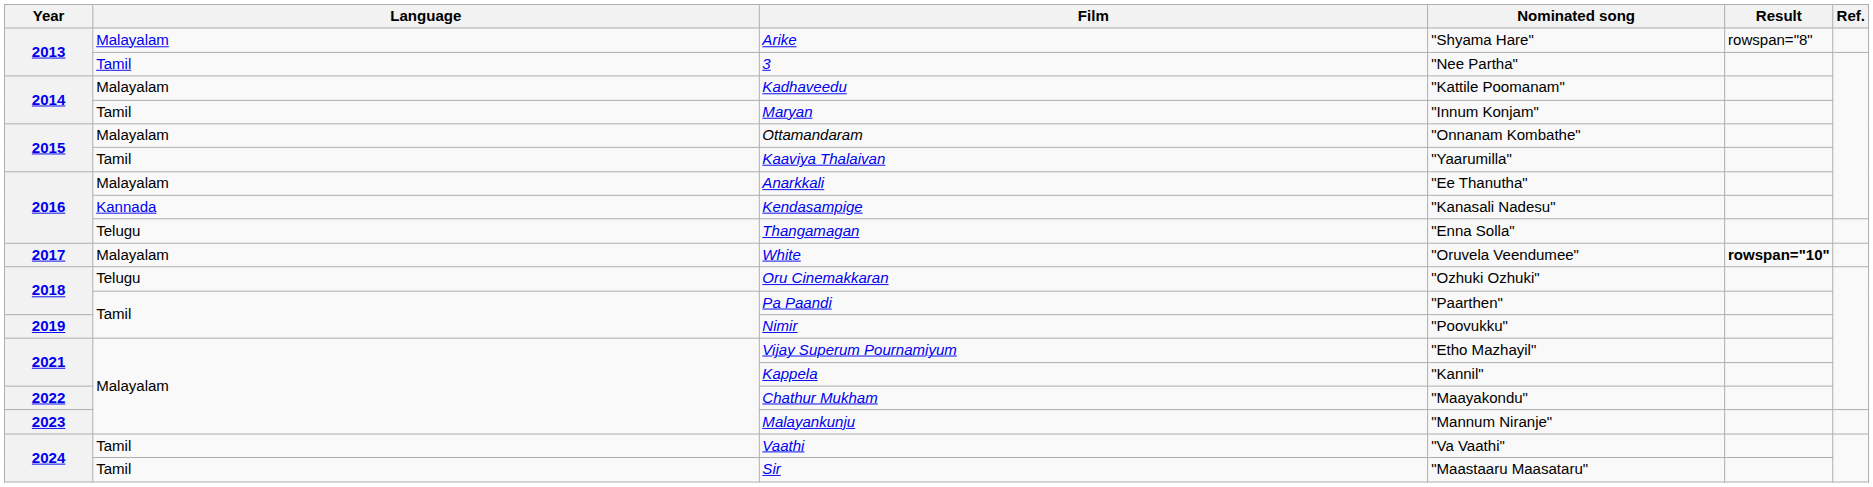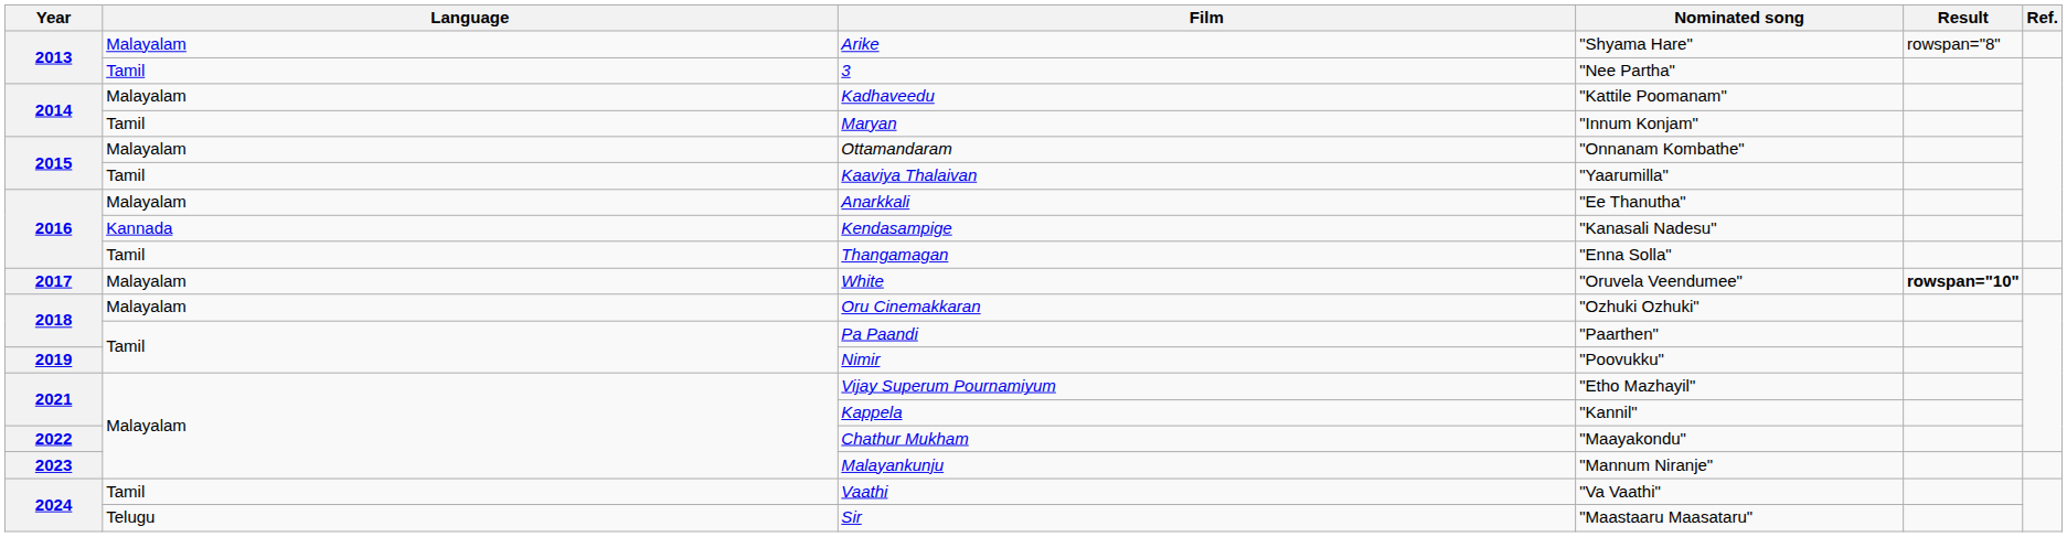 <table class="wikitable plainrowheaders" width="100%" textcolor:#000;">
 <tr>
 <th scope="col" width=5%><strong>Year</strong></th>
 <th scope="col" width=39%><strong>Language</strong></th>
 <th scope="col" width=39%><strong>Film</strong></th>
 <th scope="col" width=39%><strong>Nominated song</strong></th>
 <th scope="col" width=15%><strong>Result</strong></th>
 <th scope="col" width=2%><strong>Ref.</strong></th>
 </tr>
 <tr>
 <th scope="row" rowspan="2"><a href='#'>2013</a></th>
 <td><a href='#'>Malayalam</a></td>
 <td><em><a href='#'>Arike</a></em></td>
 <td>"Shyama Hare"</td>
 <td>rowspan="8" </td>
 <td></td>
 </tr>
 <tr>
 <td><a href='#'>Tamil</a></td>
 <td><em><a href='#'>3</a></em></td>
 <td>"Nee Partha"</td>
 <td></td>
 </tr>
 <tr>
 <th scope="row" rowspan="2"><a href='#'>2014</a></th>
 <td>Malayalam</td>
 <td><em><a href='#'>Kadhaveedu</a></em></td>
 <td>"Kattile Poomanam"</td>
 <td></td>
 </tr>
 <tr>
 <td>Tamil</td>
 <td><em><a href='#'>Maryan</a></em></td>
 <td>"Innum Konjam"</td>
 <td></td>
 </tr>
 <tr>
 <th scope="row" rowspan="2"><a href='#'>2015</a></th>
 <td>Malayalam</td>
 <td><em>Ottamandaram</em></td>
 <td>"Onnanam Kombathe"</td>
 <td></td>
 </tr>
 <tr>
 <td>Tamil</td>
 <td><em><a href='#'>Kaaviya Thalaivan</a></em></td>
 <td>"Yaarumilla"</td>
 <td></td>
 </tr>
 <tr>
 <th scope="row" rowspan="3"><a href='#'>2016</a></th>
 <td>Malayalam</td>
 <td><em><a href='#'>Anarkkali</a></em></td>
 <td>"Ee Thanutha"</td>
 <td></td>
 </tr>
 <tr>
 <td><a href='#'>Kannada</a></td>
 <td><em><a href='#'>Kendasampige</a></em></td>
 <td>"Kanasali Nadesu"</td>
 <td></td>
 </tr>
 <tr>
-<td>Telugu</td>
+<td>Tamil</td>
 <td><em><a href='#'>Thangamagan</a></em></td>
 <td>"Enna Solla"</td>
 <td></td>
 <td></td>
 </tr>
 <tr>
 <th scope="row"><a href='#'>2017</a></th>
 <td>Malayalam</td>
 <td><em><a href='#'>White</a></em></td>
 <td>"Oruvela Veendumee"</td>
 <td><strong>rowspan="10" </strong></td>
 <td></td>
 </tr>
 <tr>
 <th scope="row" rowspan="2"><a href='#'>2018</a></th>
-<td>Telugu</td>
+<td>Malayalam</td>
 <td><em><a href='#'>Oru Cinemakkaran</a></em></td>
 <td>"Ozhuki Ozhuki"</td>
 <td></td>
 </tr>
 <tr>
 <td rowspan="2">Tamil</td>
 <td><em><a href='#'>Pa Paandi</a></em></td>
 <td>"Paarthen"</td>
 <td></td>
 </tr>
 <tr>
 <th scope="row" rowspan="1"><a href='#'>2019</a></th>
 <td><em><a href='#'>Nimir</a></em></td>
 <td>"Poovukku"</td>
 <td></td>
 </tr>
 <tr>
 <th scope="row" rowspan="2"><a href='#'>2021</a></th>
 <td rowspan="4">Malayalam</td>
 <td><em><a href='#'>Vijay Superum Pournamiyum</a></em></td>
 <td>"Etho Mazhayil"</td>
 <td></td>
 </tr>
 <tr>
 <td><em><a href='#'>Kappela</a></em></td>
 <td>"Kannil"</td>
 <td></td>
 </tr>
 <tr>
 <th scope="row" rowspan="1"><a href='#'>2022</a></th>
 <td><em><a href='#'>Chathur Mukham</a></em></td>
 <td>"Maayakondu"</td>
 <td></td>
 </tr>
 <tr>
 <th scope="row" rowspan="1"><a href='#'>2023</a></th>
 <td><em><a href='#'>Malayankunju</a></em></td>
 <td>"Mannum Niranje"</td>
 <td></td>
 <td></td>
 </tr>
 <tr>
 <th scope="row" rowspan="2"><a href='#'>2024</a></th>
 <td>Tamil</td>
 <td><em><a href='#'>Vaathi</a></em></td>
 <td>"Va Vaathi"</td>
 <td></td>
 </tr>
 <tr>
-<td>Tamil</td>
+<td>Telugu</td>
 <td><em><a href='#'>Sir</a></em></td>
 <td>"Maastaaru Maasataru"</td>
 <td></td>
 </tr>
 </table>
